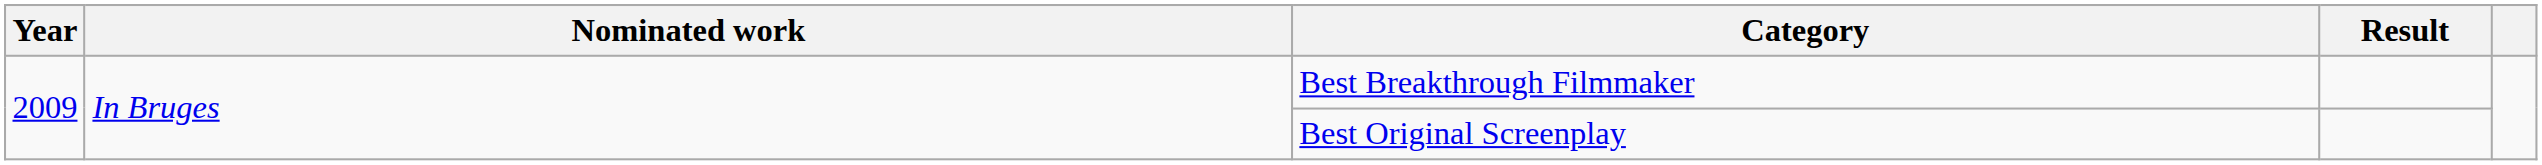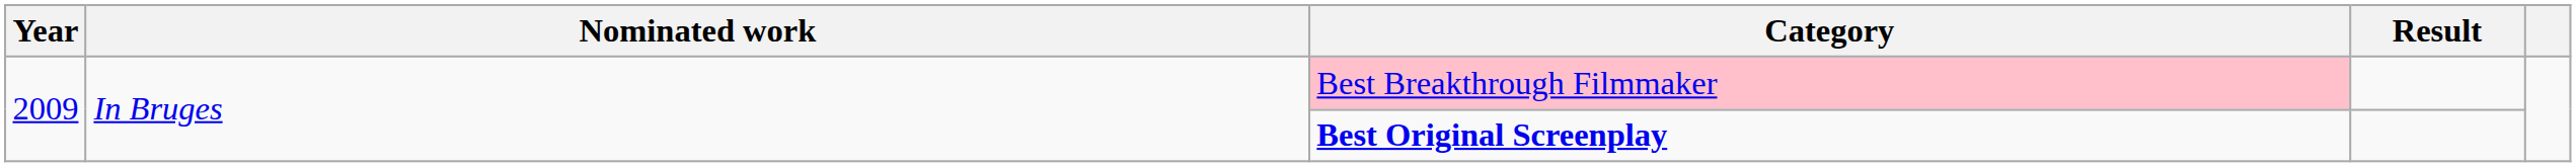 <table class="wikitable">
 <tr>
 <th scope="col" style="width:1em;">Year</th>
 <th scope="col" style="width:39em;">Nominated work</th>
 <th scope="col" style="width:33em;">Category</th>
 <th scope="col" style="width:5em;">Result</th>
 <th scope="col" style="width:1em;"></th>
 </tr>
 <tr>
 <td rowspan="2"><a href='#'>2009</a></td>
 <td rowspan="2"><em><a href='#'>In Bruges</a></em></td>
-<td><a href='#'>Best Breakthrough Filmmaker</a></td>
+<td style="background: pink;"><a href='#'>Best Breakthrough Filmmaker</a></td>
 <td></td>
 <td rowspan="2" style="text-align:center;"></td>
 </tr>
 <tr>
-<td><a href='#'>Best Original Screenplay</a></td>
+<td><strong><a href='#'>Best Original Screenplay</a></strong></td>
 <td></td>
 </tr>
 </table>
